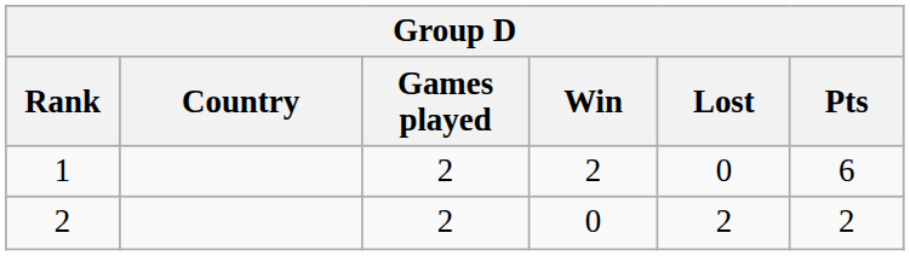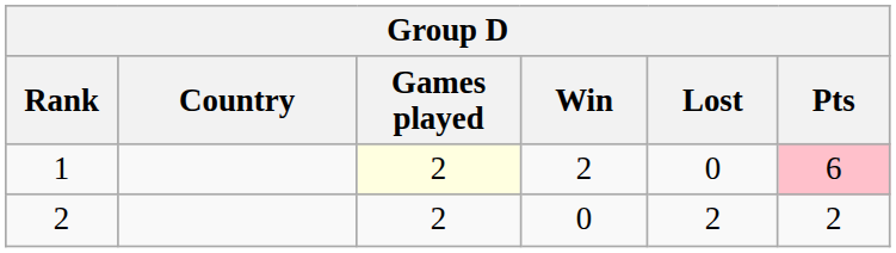 <table class="wikitable" style= "text-align: center; Width:50%">
 <tr>
 <th colspan= 6>Group D</th>
 </tr>
 <tr>
 <th width=2%>Rank</th>
 <th width=10%>Country</th>
 <th width=5%>Games <br> played</th>
 <th width=5%>Win</th>
 <th width=5%>Lost</th>
 <th width=5%>Pts</th>
 </tr>
 <tr>
 <td>1</td>
 <td style= "text-align: left"></td>
-<td>2</td>
+<td style="background: lightyellow;">2</td>
 <td>2</td>
 <td>0</td>
-<td>6</td>
+<td style="background: pink;">6</td>
 </tr>
 <tr>
 <td>2</td>
 <td style= "text-align: left"></td>
 <td>2</td>
 <td>0</td>
 <td>2</td>
 <td>2</td>
 </tr>
 </table>
